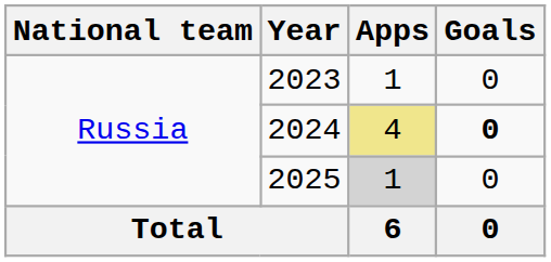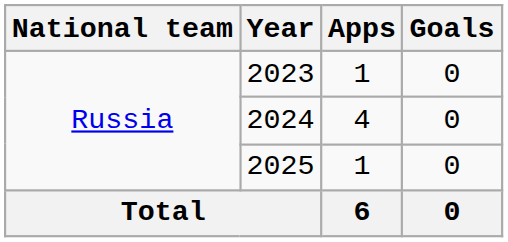 <table class="wikitable" style="text-align:center">
 <tr>
 <th>National team</th>
 <th>Year</th>
 <th>Apps</th>
 <th>Goals</th>
 </tr>
 <tr>
 <td rowspan="3"><a href='#'>Russia</a></td>
 <td>2023</td>
 <td>1</td>
 <td>0</td>
 </tr>
 <tr>
 <td>2024</td>
-<td style="background: khaki;">4</td>
-<td><strong>0</strong></td>
+<td>4</td>
+<td>0</td>
 </tr>
 <tr>
 <td>2025</td>
-<td style="background: lightgrey;">1</td>
+<td>1</td>
 <td>0</td>
 </tr>
 <tr>
 <th colspan="2">Total</th>
 <th>6</th>
 <th>0</th>
 </tr>
 </table>
